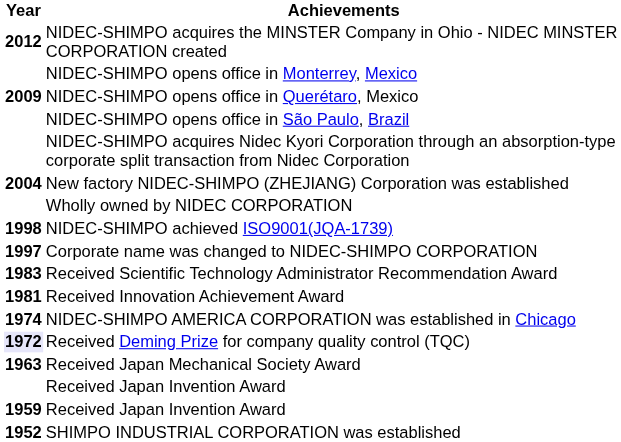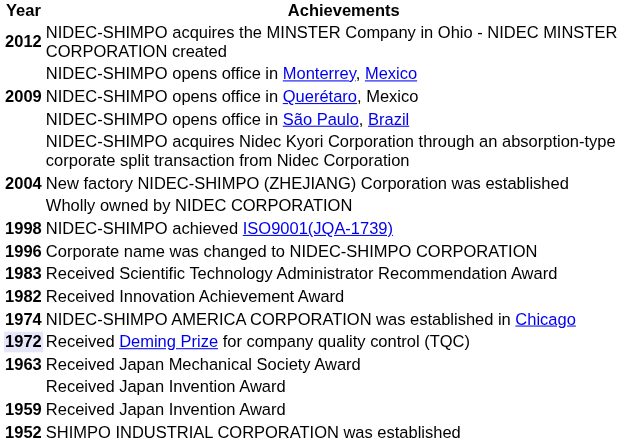 <table>
 <tr>
 <th><strong>Year</strong></th>
 <th><strong>Achievements</strong></th>
 </tr>
 <tr>
 <td><strong>2012</strong></td>
 <td>NIDEC-SHIMPO acquires the MINSTER Company in Ohio - NIDEC MINSTER CORPORATION created</td>
 </tr>
 <tr>
 <td></td>
 <td>NIDEC-SHIMPO opens office in <a href='#'>Monterrey</a>, <a href='#'>Mexico</a></td>
 </tr>
 <tr>
 <td><strong>2009</strong></td>
 <td>NIDEC-SHIMPO opens office in <a href='#'>Querétaro</a>, Mexico</td>
 </tr>
 <tr>
 <td></td>
 <td>NIDEC-SHIMPO opens office in <a href='#'>São Paulo</a>, <a href='#'>Brazil</a></td>
 </tr>
 <tr>
 <td></td>
 <td>NIDEC-SHIMPO acquires Nidec Kyori Corporation through an absorption-type corporate split transaction from Nidec Corporation</td>
 </tr>
 <tr>
 <td><strong>2004</strong></td>
 <td>New factory NIDEC-SHIMPO (ZHEJIANG) Corporation was established</td>
 </tr>
 <tr>
 <td></td>
 <td>Wholly owned by NIDEC CORPORATION</td>
 </tr>
 <tr>
 <td><strong>1998</strong></td>
 <td>NIDEC-SHIMPO achieved <a href='#'>ISO9001(JQA-1739)</a></td>
 </tr>
 <tr>
-<td><strong>1997</strong></td>
+<td><strong>1996</strong></td>
 <td>Corporate name was changed to NIDEC-SHIMPO CORPORATION</td>
 </tr>
 <tr>
 <td><strong>1983</strong></td>
 <td>Received Scientific Technology Administrator Recommendation Award</td>
 </tr>
 <tr>
-<td><strong>1981</strong></td>
+<td><strong>1982</strong></td>
 <td>Received Innovation Achievement Award</td>
 </tr>
 <tr>
 <td><strong>1974</strong></td>
 <td>NIDEC-SHIMPO AMERICA CORPORATION was established in <a href='#'>Chicago</a></td>
 </tr>
 <tr>
 <td style="background: lavender;"><strong>1972</strong></td>
 <td>Received <a href='#'>Deming Prize</a> for company quality control (TQC)</td>
 </tr>
 <tr>
 <td><strong>1963</strong></td>
 <td>Received Japan Mechanical Society Award</td>
 </tr>
 <tr>
 <td></td>
 <td>Received Japan Invention Award</td>
 </tr>
 <tr>
 <td><strong>1959</strong></td>
 <td>Received Japan Invention Award</td>
 </tr>
 <tr>
 <td><strong>1952</strong></td>
 <td>SHIMPO INDUSTRIAL CORPORATION was established</td>
 </tr>
 </table>
